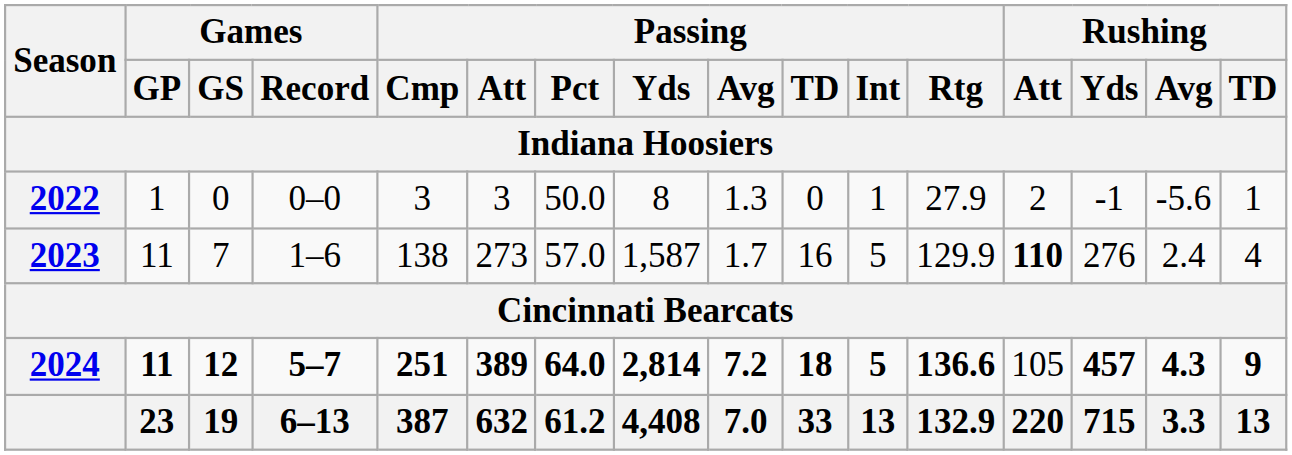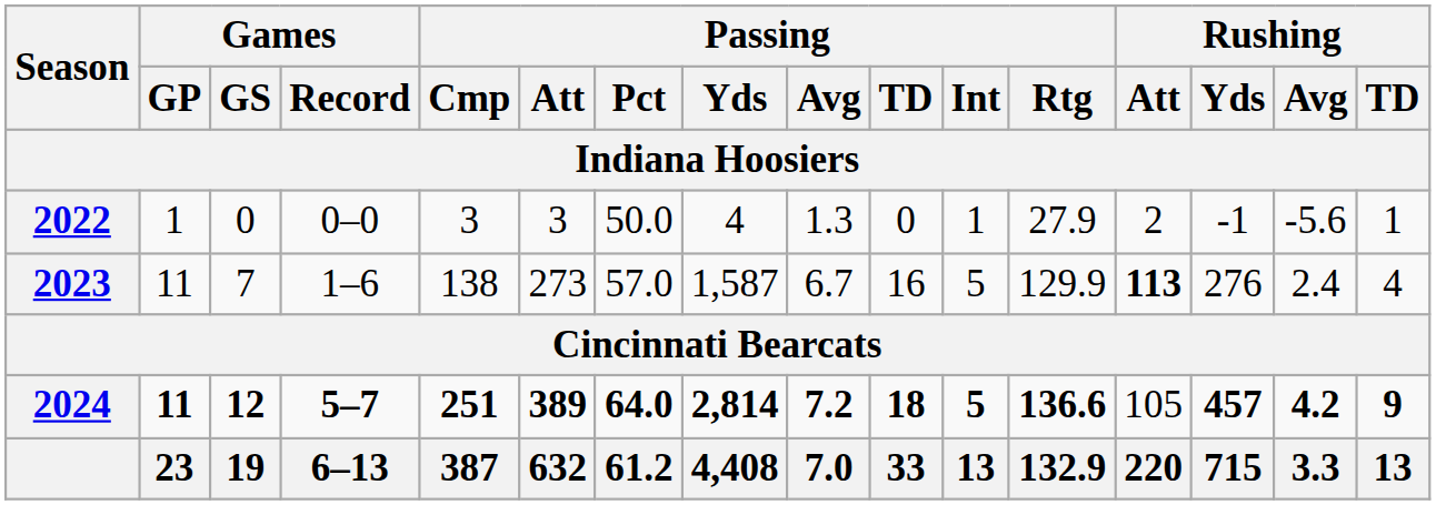 <table class="wikitable" style="text-align:center;">
 <tr>
 <th rowspan="2">Season</th>
 <th colspan="3">Games</th>
 <th colspan="8">Passing</th>
 <th colspan="5">Rushing</th>
 </tr>
 <tr>
 <th>GP</th>
 <th>GS</th>
 <th>Record</th>
 <th>Cmp</th>
 <th>Att</th>
 <th>Pct</th>
 <th>Yds</th>
 <th>Avg</th>
 <th>TD</th>
 <th>Int</th>
 <th>Rtg</th>
 <th>Att</th>
 <th>Yds</th>
 <th>Avg</th>
 <th>TD</th>
 </tr>
 <tr>
 <th colspan="16">Indiana Hoosiers</th>
 </tr>
 <tr>
 <th><a href='#'>2022</a></th>
 <td>1</td>
 <td>0</td>
 <td>0–0</td>
 <td>3</td>
 <td>3</td>
 <td>50.0</td>
-<td>8</td>
+<td>4</td>
 <td>1.3</td>
 <td>0</td>
 <td>1</td>
 <td>27.9</td>
 <td>2</td>
 <td>-1</td>
 <td>-5.6</td>
 <td>1</td>
 </tr>
 <tr>
 <th><a href='#'>2023</a></th>
 <td>11</td>
 <td>7</td>
 <td>1–6</td>
 <td>138</td>
 <td>273</td>
 <td>57.0</td>
 <td>1,587</td>
-<td>1.7</td>
+<td>6.7</td>
 <td>16</td>
 <td>5</td>
 <td>129.9</td>
-<td><strong>110</strong></td>
+<td><strong>113</strong></td>
 <td>276</td>
 <td>2.4</td>
 <td>4</td>
 </tr>
 <tr>
 <th colspan="16">Cincinnati Bearcats</th>
 </tr>
 <tr>
 <th><a href='#'>2024</a></th>
 <td><strong>11</strong></td>
 <td><strong>12</strong></td>
 <td><strong>5–7</strong></td>
 <td><strong>251</strong></td>
 <td><strong>389</strong></td>
 <td><strong>64.0</strong></td>
 <td><strong>2,814</strong></td>
 <td><strong>7.2</strong></td>
 <td><strong>18</strong></td>
 <td><strong>5</strong></td>
 <td><strong>136.6</strong></td>
 <td>105</td>
 <td><strong>457</strong></td>
-<td><strong>4.3</strong></td>
+<td><strong>4.2</strong></td>
 <td><strong>9</strong></td>
 </tr>
 <tr>
 <th></th>
 <th>23</th>
 <th>19</th>
 <th>6–13</th>
 <th>387</th>
 <th>632</th>
 <th>61.2</th>
 <th>4,408</th>
 <th>7.0</th>
 <th>33</th>
 <th>13</th>
 <th>132.9</th>
 <th>220</th>
 <th>715</th>
 <th>3.3</th>
 <th>13</th>
 </tr>
 </table>
